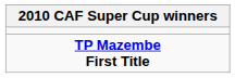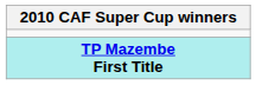 <table class="wikitable" style="margin: 0 auto; width: 20%;">
 <tr>
 <th>2010 CAF Super Cup winners</th>
 </tr>
 <tr>
 <td align=center></td>
 </tr>
 <tr>
-<td align=center><strong><a href='#'>TP Mazembe</a></strong><br><strong>First Title</strong> <br></td>
+<td align=center style="background: paleturquoise;"><strong><a href='#'>TP Mazembe</a></strong><br><strong>First Title</strong> <br></td>
 </tr>
 </table>
